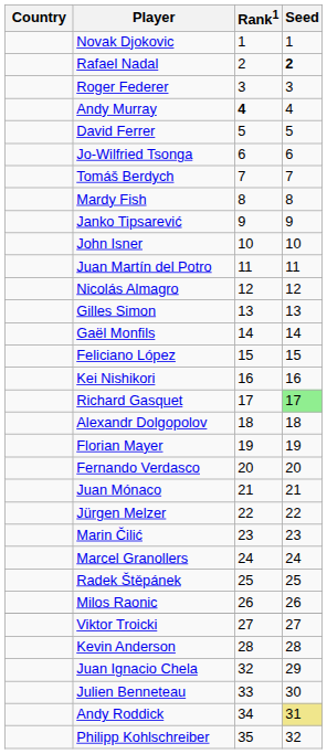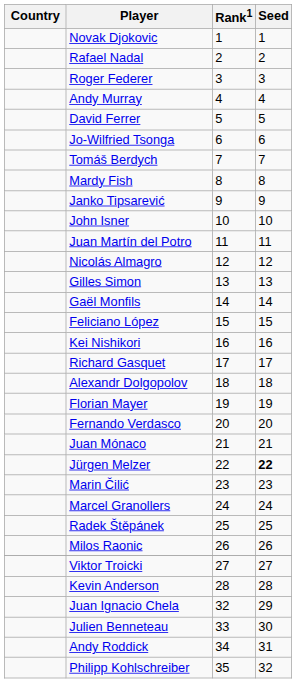 <table class="sortable wikitable">
 <tr>
 <th width="70">Country</th>
 <th width="175">Player</th>
 <th>Rank<sup>1</sup></th>
 <th>Seed</th>
 </tr>
 <tr>
 <td></td>
 <td><a href='#'>Novak Djokovic</a></td>
 <td>1</td>
 <td>1</td>
 </tr>
 <tr>
 <td></td>
 <td><a href='#'>Rafael Nadal</a></td>
 <td>2</td>
-<td><strong>2</strong></td>
+<td>2</td>
 </tr>
 <tr>
 <td></td>
 <td><a href='#'>Roger Federer</a></td>
 <td>3</td>
 <td>3</td>
 </tr>
 <tr>
 <td></td>
 <td><a href='#'>Andy Murray</a></td>
-<td><strong>4</strong></td>
+<td>4</td>
 <td>4</td>
 </tr>
 <tr>
 <td></td>
 <td><a href='#'>David Ferrer</a></td>
 <td>5</td>
 <td>5</td>
 </tr>
 <tr>
 <td></td>
 <td><a href='#'>Jo-Wilfried Tsonga</a></td>
 <td>6</td>
 <td>6</td>
 </tr>
 <tr>
 <td></td>
 <td><a href='#'>Tomáš Berdych</a></td>
 <td>7</td>
 <td>7</td>
 </tr>
 <tr>
 <td></td>
 <td><a href='#'>Mardy Fish</a></td>
 <td>8</td>
 <td>8</td>
 </tr>
 <tr>
 <td></td>
 <td><a href='#'>Janko Tipsarević</a></td>
 <td>9</td>
 <td>9</td>
 </tr>
 <tr>
 <td></td>
 <td><a href='#'>John Isner</a></td>
 <td>10</td>
 <td>10</td>
 </tr>
 <tr>
 <td></td>
 <td><a href='#'>Juan Martín del Potro</a></td>
 <td>11</td>
 <td>11</td>
 </tr>
 <tr>
 <td></td>
 <td><a href='#'>Nicolás Almagro</a></td>
 <td>12</td>
 <td>12</td>
 </tr>
 <tr>
 <td></td>
 <td><a href='#'>Gilles Simon</a></td>
 <td>13</td>
 <td>13</td>
 </tr>
 <tr>
 <td></td>
 <td><a href='#'>Gaël Monfils</a></td>
 <td>14</td>
 <td>14</td>
 </tr>
 <tr>
 <td></td>
 <td><a href='#'>Feliciano López</a></td>
 <td>15</td>
 <td>15</td>
 </tr>
 <tr>
 <td></td>
 <td><a href='#'>Kei Nishikori</a></td>
 <td>16</td>
 <td>16</td>
 </tr>
 <tr>
 <td></td>
 <td><a href='#'>Richard Gasquet</a></td>
 <td>17</td>
-<td style="background: lightgreen;">17</td>
+<td>17</td>
 </tr>
 <tr>
 <td></td>
 <td><a href='#'>Alexandr Dolgopolov</a></td>
 <td>18</td>
 <td>18</td>
 </tr>
 <tr>
 <td></td>
 <td><a href='#'>Florian Mayer</a></td>
 <td>19</td>
 <td>19</td>
 </tr>
 <tr>
 <td></td>
 <td><a href='#'>Fernando Verdasco</a></td>
 <td>20</td>
 <td>20</td>
 </tr>
 <tr>
 <td></td>
 <td><a href='#'>Juan Mónaco</a></td>
 <td>21</td>
 <td>21</td>
 </tr>
 <tr>
 <td></td>
 <td><a href='#'>Jürgen Melzer</a></td>
 <td>22</td>
-<td>22</td>
+<td><strong>22</strong></td>
 </tr>
 <tr>
 <td></td>
 <td><a href='#'>Marin Čilić</a></td>
 <td>23</td>
 <td>23</td>
 </tr>
 <tr>
 <td></td>
 <td><a href='#'>Marcel Granollers</a></td>
 <td>24</td>
 <td>24</td>
 </tr>
 <tr>
 <td></td>
 <td><a href='#'>Radek Štěpánek</a></td>
 <td>25</td>
 <td>25</td>
 </tr>
 <tr>
 <td></td>
 <td><a href='#'>Milos Raonic</a></td>
 <td>26</td>
 <td>26</td>
 </tr>
 <tr>
 </tr>
 <tr>
 <td></td>
 <td><a href='#'>Viktor Troicki</a></td>
 <td>27</td>
 <td>27</td>
 </tr>
 <tr>
 <td></td>
 <td><a href='#'>Kevin Anderson</a></td>
 <td>28</td>
 <td>28</td>
 </tr>
 <tr>
 <td></td>
 <td><a href='#'>Juan Ignacio Chela</a></td>
 <td>32</td>
 <td>29</td>
 </tr>
 <tr>
 <td></td>
 <td><a href='#'>Julien Benneteau</a></td>
 <td>33</td>
 <td>30</td>
 </tr>
 <tr>
 <td></td>
 <td><a href='#'>Andy Roddick</a></td>
 <td>34</td>
-<td style="background: khaki;">31</td>
+<td>31</td>
 </tr>
 <tr>
 <td></td>
 <td><a href='#'>Philipp Kohlschreiber</a></td>
 <td>35</td>
 <td>32</td>
 </tr>
 </table>
